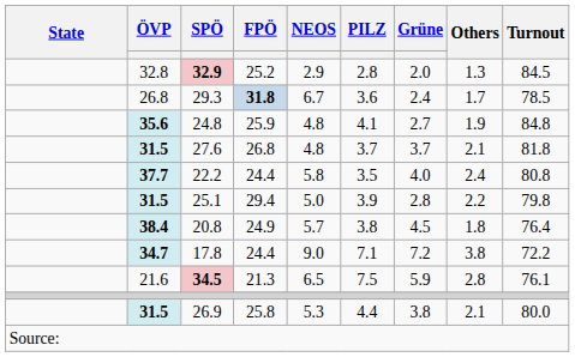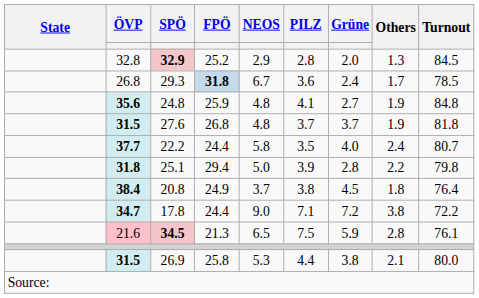 <table class="wikitable sortable" style="text-align:center;font-size:90%;line-height:16px">
 <tr style="height:40px;">
 <th style="width:100px;" rowspan="2"><a href='#'>State</a></th>
 <th style="width:40px;"><a href='#'>ÖVP</a></th>
 <th style="width:40px;"><a href='#'>SPÖ</a></th>
 <th style="width:40px;"><a href='#'>FPÖ</a></th>
 <th style="width:40px;"><a href='#'>NEOS</a></th>
 <th style="width:40px;"><a href='#'>PILZ</a></th>
 <th style="width:40px;"><a href='#'>Grüne</a></th>
 <th class="unsortable" style="width:40px;" rowspan="2">Others</th>
 <th class="unsortable" style="width:40px;" rowspan="2">Turnout</th>
 </tr>
 <tr>
 <th style="background:"></th>
 <th style="background:"></th>
 <th style="background:"></th>
 <th style="background:"></th>
 <th style="background:"></th>
 <th style="background:"></th>
 </tr>
 <tr>
 <td align=left></td>
 <td>32.8</td>
 <td bgcolor=#F4C6C9><strong>32.9</strong></td>
 <td>25.2</td>
 <td>2.9</td>
 <td>2.8</td>
 <td>2.0</td>
 <td>1.3</td>
 <td>84.5</td>
 </tr>
 <tr>
 <td align=left></td>
 <td>26.8</td>
 <td>29.3</td>
 <td bgcolor=#C6D9EA><strong>31.8</strong></td>
 <td>6.7</td>
 <td>3.6</td>
 <td>2.4</td>
 <td>1.7</td>
 <td>78.5</td>
 </tr>
 <tr>
 <td align=left></td>
 <td bgcolor=#D2EDF1><strong>35.6</strong></td>
 <td>24.8</td>
 <td>25.9</td>
 <td>4.8</td>
 <td>4.1</td>
 <td>2.7</td>
 <td>1.9</td>
 <td>84.8</td>
 </tr>
 <tr>
 <td align=left></td>
 <td bgcolor=#D2EDF1><strong>31.5</strong></td>
 <td>27.6</td>
 <td>26.8</td>
 <td>4.8</td>
 <td>3.7</td>
 <td>3.7</td>
-<td>2.1</td>
+<td>1.9</td>
 <td>81.8</td>
 </tr>
 <tr>
 <td align=left></td>
 <td bgcolor=#D2EDF1><strong>37.7</strong></td>
 <td>22.2</td>
 <td>24.4</td>
 <td>5.8</td>
 <td>3.5</td>
 <td>4.0</td>
 <td>2.4</td>
-<td>80.8</td>
+<td>80.7</td>
 </tr>
 <tr>
 <td align=left></td>
-<td bgcolor=#D2EDF1><strong>31.5</strong></td>
+<td bgcolor=#D2EDF1><strong>31.8</strong></td>
 <td>25.1</td>
 <td>29.4</td>
 <td>5.0</td>
 <td>3.9</td>
 <td>2.8</td>
 <td>2.2</td>
 <td>79.8</td>
 </tr>
 <tr>
 <td align=left></td>
 <td bgcolor=#D2EDF1><strong>38.4</strong></td>
 <td>20.8</td>
 <td>24.9</td>
-<td>5.7</td>
+<td>3.7</td>
 <td>3.8</td>
 <td>4.5</td>
 <td>1.8</td>
 <td>76.4</td>
 </tr>
 <tr>
 <td align=left></td>
 <td bgcolor=#D2EDF1><strong>34.7</strong></td>
 <td>17.8</td>
 <td>24.4</td>
 <td>9.0</td>
 <td>7.1</td>
 <td>7.2</td>
 <td>3.8</td>
 <td>72.2</td>
 </tr>
 <tr>
 <td align=left></td>
-<td>21.6</td>
+<td style="background: pink;">21.6</td>
 <td bgcolor=#F4C6C9><strong>34.5</strong></td>
 <td>21.3</td>
 <td>6.5</td>
 <td>7.5</td>
 <td>5.9</td>
 <td>2.8</td>
 <td>76.1</td>
 </tr>
 <tr>
 <td colspan=10 bgcolor=lightgrey></td>
 </tr>
 <tr>
 <td align=left></td>
 <td bgcolor=#D2EDF1><strong>31.5</strong></td>
 <td>26.9</td>
 <td>25.8</td>
 <td>5.3</td>
 <td>4.4</td>
 <td>3.8</td>
 <td>2.1</td>
 <td>80.0</td>
 </tr>
 <tr class=sortbottom>
 <td colspan=10 align=left>Source:  </td>
 </tr>
 </table>
